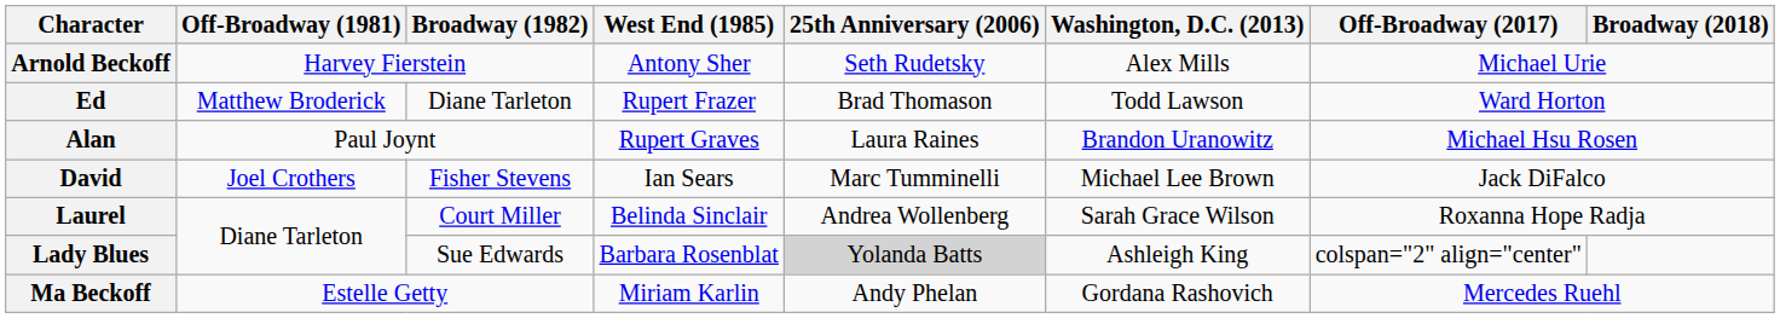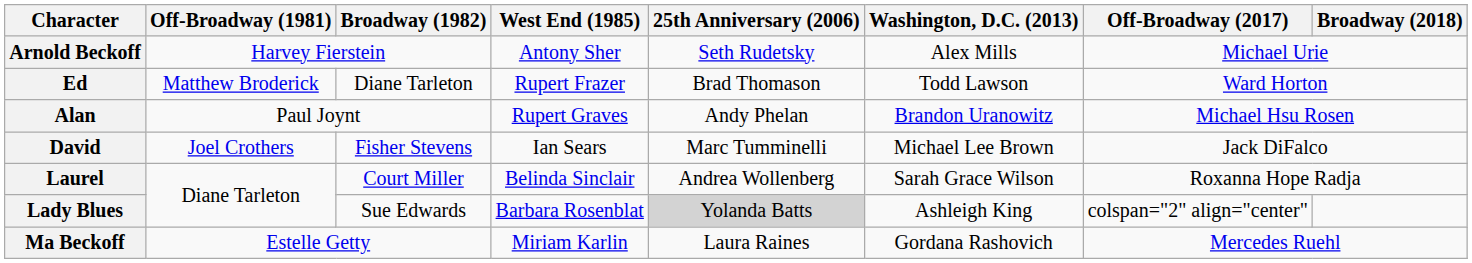 <table class="wikitable" style="width:80;">
 <tr>
 <th>Character</th>
 <th>Off-Broadway (1981)</th>
 <th>Broadway (1982)</th>
 <th>West End (1985)</th>
 <th>25th Anniversary (2006)</th>
 <th>Washington, D.C. (2013)</th>
 <th>Off-Broadway (2017)</th>
 <th>Broadway (2018)</th>
 </tr>
 <tr>
 <th>Arnold Beckoff</th>
 <td colspan="2" align="center"><a href='#'>Harvey Fierstein</a></td>
 <td align="center"><a href='#'>Antony Sher</a></td>
 <td align="center"><a href='#'>Seth Rudetsky</a></td>
 <td align="center">Alex Mills</td>
 <td colspan="2" align="center"><a href='#'>Michael Urie</a></td>
 </tr>
 <tr>
 <th>Ed</th>
 <td align="center"><a href='#'>Matthew Broderick</a></td>
 <td align="center">Diane Tarleton</td>
 <td align="center"><a href='#'>Rupert Frazer</a></td>
 <td align="center">Brad Thomason</td>
 <td align="center">Todd Lawson</td>
 <td colspan="2" align="center"><a href='#'>Ward Horton</a></td>
 </tr>
 <tr>
 <th>Alan</th>
 <td colspan="2" align="center">Paul Joynt</td>
 <td align="center"><a href='#'>Rupert Graves</a></td>
-<td align="center">Laura Raines</td>
+<td align="center">Andy Phelan</td>
 <td align="center"><a href='#'>Brandon Uranowitz</a></td>
 <td colspan="2" align="center"><a href='#'>Michael Hsu Rosen</a></td>
 </tr>
 <tr>
 <th>David</th>
 <td align="center"><a href='#'>Joel Crothers</a></td>
 <td align="center"><a href='#'>Fisher Stevens</a></td>
 <td align="center">Ian Sears</td>
 <td align="center">Marc Tumminelli</td>
 <td align="center">Michael Lee Brown</td>
 <td colspan="2" align="center">Jack DiFalco</td>
 </tr>
 <tr>
 <th>Laurel</th>
 <td rowspan="2" align="center">Diane Tarleton</td>
 <td align="center"><a href='#'>Court Miller</a></td>
 <td align="center"><a href='#'>Belinda Sinclair</a></td>
 <td align="center">Andrea Wollenberg</td>
 <td align="center">Sarah Grace Wilson</td>
 <td colspan="2" align="center">Roxanna Hope Radja</td>
 </tr>
 <tr>
 <th>Lady Blues</th>
 <td align="center">Sue Edwards</td>
 <td align="center"><a href='#'>Barbara Rosenblat</a></td>
 <td align="center" style="background: lightgrey;">Yolanda Batts</td>
 <td align="center">Ashleigh King</td>
 <td>colspan="2" align="center" </td>
 </tr>
 <tr>
 <th>Ma Beckoff</th>
 <td colspan="2" align="center"><a href='#'>Estelle Getty</a></td>
 <td align="center"><a href='#'>Miriam Karlin</a></td>
-<td align="center">Andy Phelan</td>
+<td align="center">Laura Raines</td>
 <td align="center">Gordana Rashovich</td>
 <td colspan="2" align="center"><a href='#'>Mercedes Ruehl</a></td>
 </tr>
 </table>
